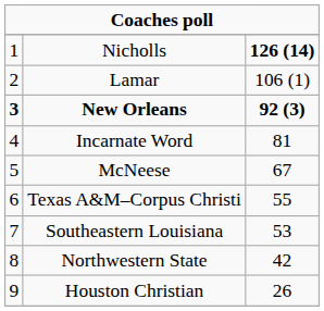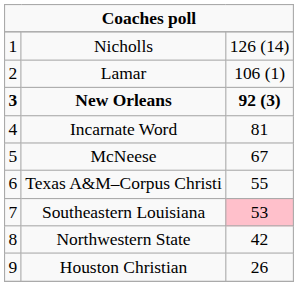 <table class="wikitable">
 <tr align="center">
 <td align="center" Colspan="3"><strong>Coaches poll</strong></td>
 </tr>
 <tr align="center">
 </tr>
 <tr align="center">
 <td>1</td>
 <td>Nicholls</td>
-<td><strong>126 (14)</strong></td>
+<td>126 (14)</td>
 </tr>
 <tr align="center">
 <td>2</td>
 <td>Lamar</td>
 <td>106 (1)</td>
 </tr>
 <tr align="center">
 <td><strong>3</strong></td>
 <td><strong>New Orleans</strong></td>
 <td><strong>92 (3)</strong></td>
 </tr>
 <tr align="center">
 <td>4</td>
 <td>Incarnate Word</td>
 <td>81</td>
 </tr>
 <tr align="center">
 <td>5</td>
 <td>McNeese</td>
 <td>67</td>
 </tr>
 <tr align="center">
 <td>6</td>
 <td>Texas A&M–Corpus Christi</td>
 <td>55</td>
 </tr>
 <tr align="center">
 <td>7</td>
 <td>Southeastern Louisiana</td>
-<td>53</td>
+<td style="background: pink;">53</td>
 </tr>
 <tr align="center">
 <td>8</td>
 <td>Northwestern State</td>
 <td>42</td>
 </tr>
 <tr align="center">
 <td>9</td>
 <td>Houston Christian</td>
 <td>26</td>
 </tr>
 <tr align="center">
 </tr>
 </table>
